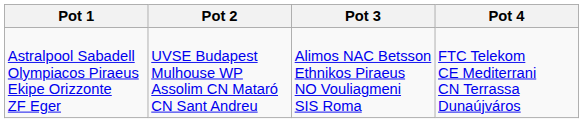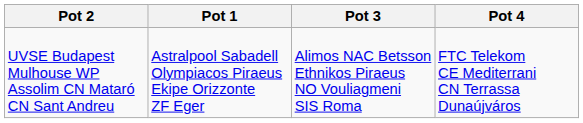 <table class="wikitable collapsible">
 <tr>
+<th width=25%>Pot 2</th>
 <th width=25%>Pot 1</th>
-<th width=25%>Pot 2</th>
 <th width=25%>Pot 3</th>
 <th width=25%>Pot 4</th>
 </tr>
 <tr>
+<td><br> <a href='#'>UVSE Budapest</a><br>  <a href='#'>Mulhouse WP</a><br>  <a href='#'>Assolim CN Mataró</a><br>  <a href='#'>CN Sant Andreu</a></td>
 <td><br> <a href='#'>Astralpool Sabadell</a><br>  <a href='#'>Olympiacos Piraeus</a><br>  <a href='#'>Ekipe Orizzonte</a><br>  <a href='#'>ZF Eger</a></td>
-<td><br> <a href='#'>UVSE Budapest</a><br>  <a href='#'>Mulhouse WP</a><br>  <a href='#'>Assolim CN Mataró</a><br>  <a href='#'>CN Sant Andreu</a></td>
 <td><br> <a href='#'>Alimos NAC Betsson</a><br>  <a href='#'>Ethnikos Piraeus</a><br>  <a href='#'>NO Vouliagmeni</a><br>  <a href='#'>SIS Roma</a></td>
 <td><br> <a href='#'>FTC Telekom</a><br>  <a href='#'>CE Mediterrani</a><br>  <a href='#'>CN Terrassa</a><br>  <a href='#'>Dunaújváros</a></td>
 </tr>
 </table>
